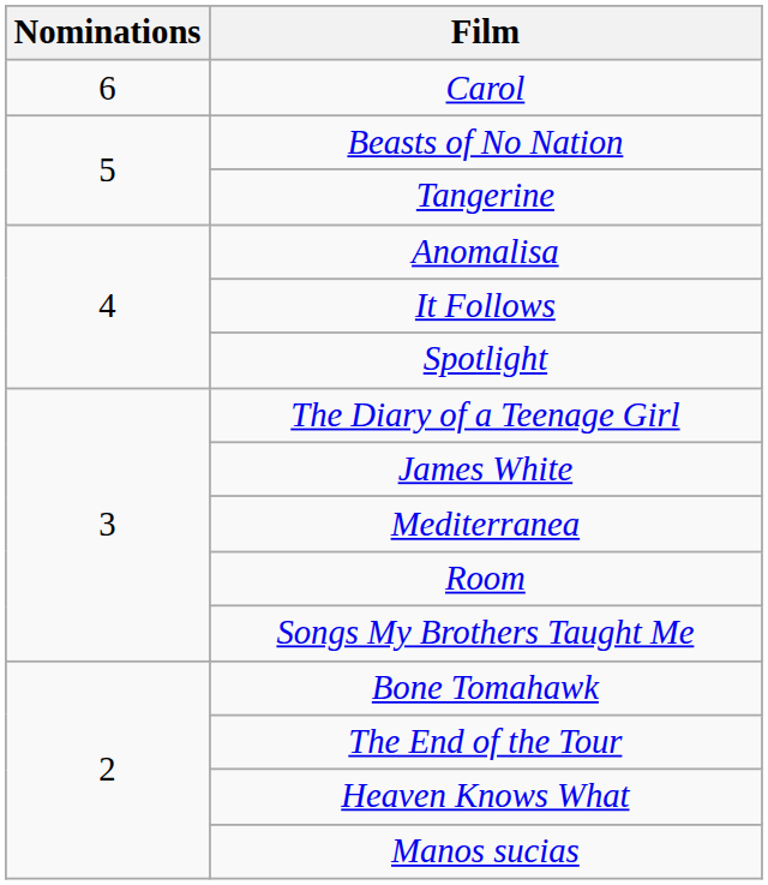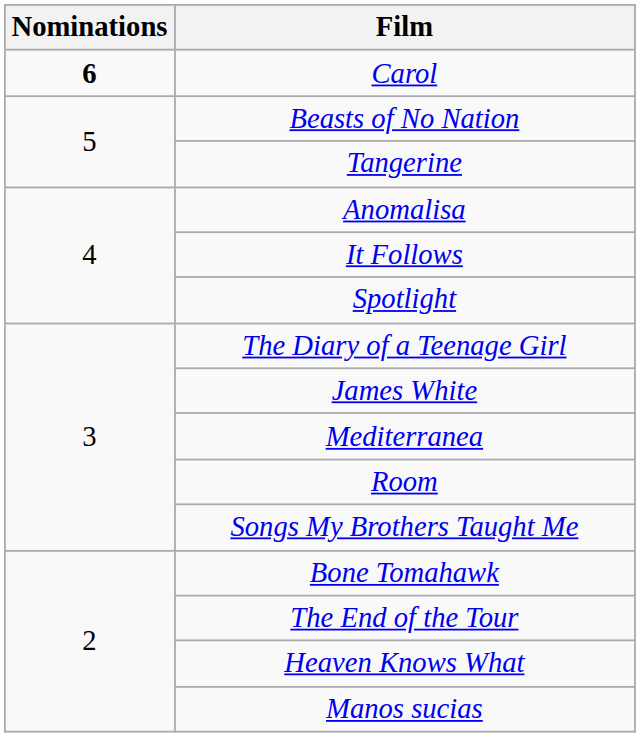 <table class="wikitable" rowspan=2 border=2 style="text-align:center;">
 <tr>
 <th scope="col" width="50">Nominations</th>
 <th scope="col" width="250">Film</th>
 </tr>
 <tr>
-<td>6</td>
+<td><strong>6</strong></td>
 <td><em><a href='#'>Carol</a></em></td>
 </tr>
 <tr>
 <td rowspan=2 style="text-align:center;">5</td>
 <td><em><a href='#'>Beasts of No Nation</a></em></td>
 </tr>
 <tr>
 <td><em><a href='#'>Tangerine</a></em></td>
 </tr>
 <tr>
 <td rowspan=3 style="text-align:center;">4</td>
 <td><em><a href='#'>Anomalisa</a></em></td>
 </tr>
 <tr>
 <td><em><a href='#'>It Follows</a></em></td>
 </tr>
 <tr>
 <td><em><a href='#'>Spotlight</a></em></td>
 </tr>
 <tr>
 <td rowspan=5 style="text-align:center;">3</td>
 <td><em><a href='#'>The Diary of a Teenage Girl</a></em></td>
 </tr>
 <tr>
 <td><em><a href='#'>James White</a></em></td>
 </tr>
 <tr>
 <td><em><a href='#'>Mediterranea</a></em></td>
 </tr>
 <tr>
 <td><em><a href='#'>Room</a></em></td>
 </tr>
 <tr>
 <td><em><a href='#'>Songs My Brothers Taught Me</a></em></td>
 </tr>
 <tr>
 <td rowspan=4 style="text-align:center;">2</td>
 <td><em><a href='#'>Bone Tomahawk</a></em></td>
 </tr>
 <tr>
 <td><em><a href='#'>The End of the Tour</a></em></td>
 </tr>
 <tr>
 <td><em><a href='#'>Heaven Knows What</a></em></td>
 </tr>
 <tr>
 <td><em><a href='#'>Manos sucias</a></em></td>
 </tr>
 </table>
